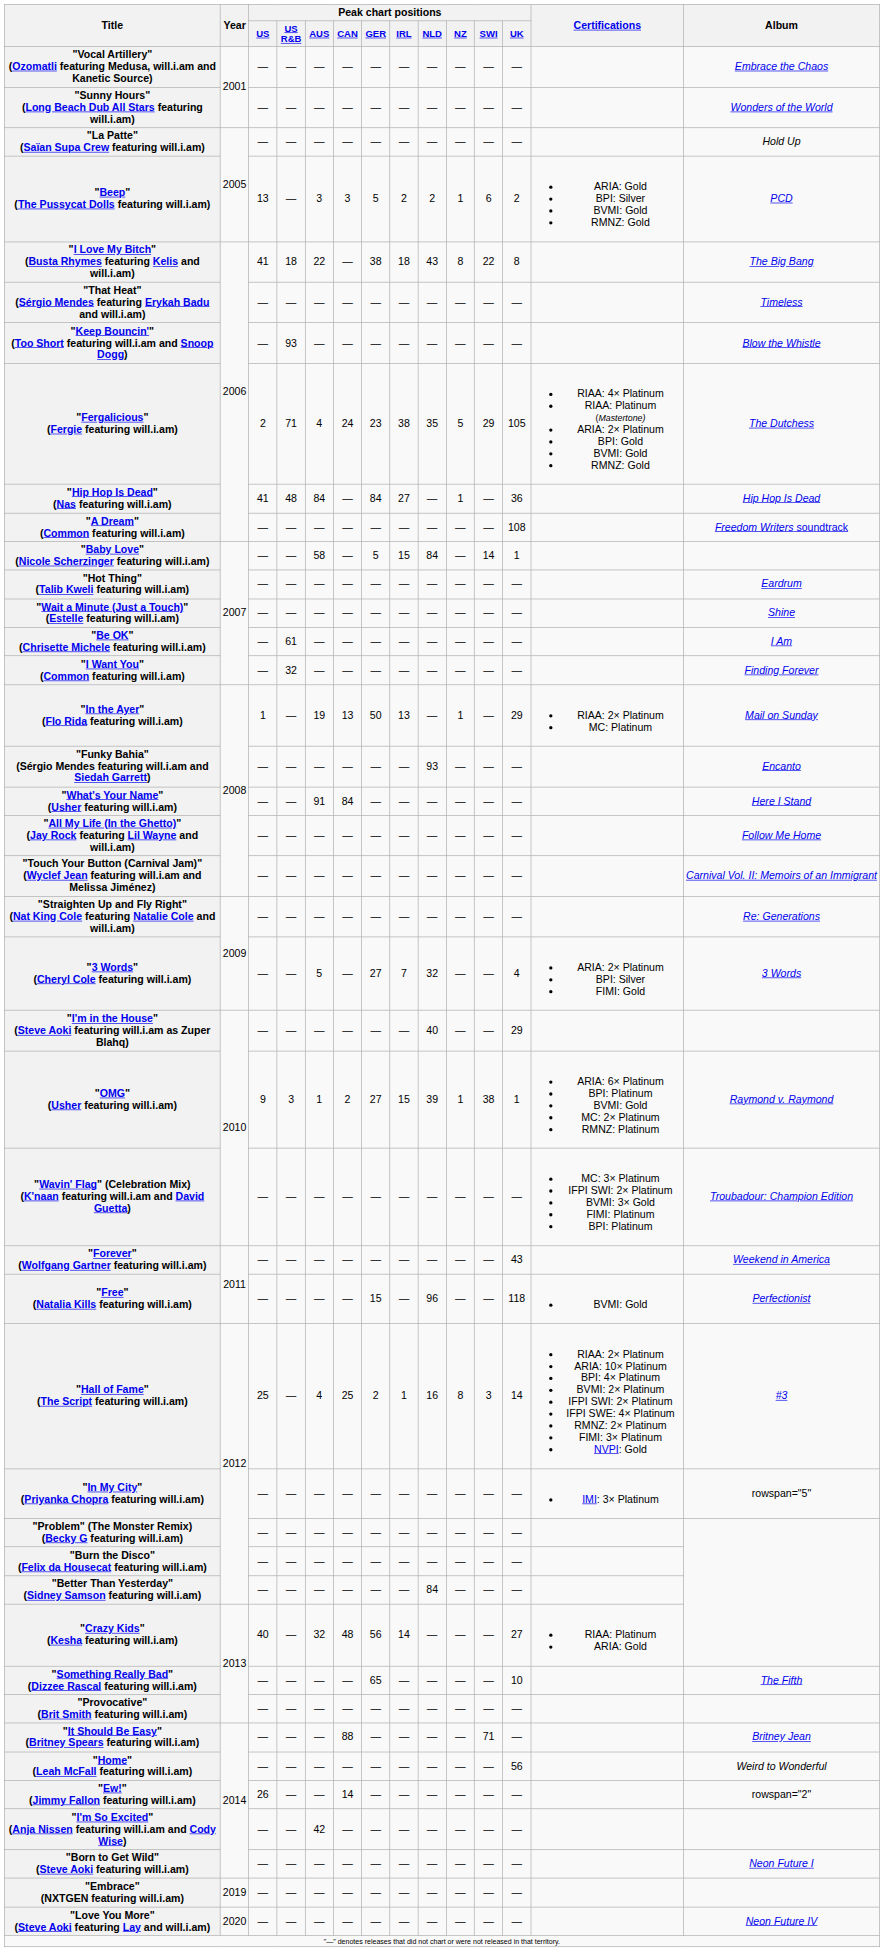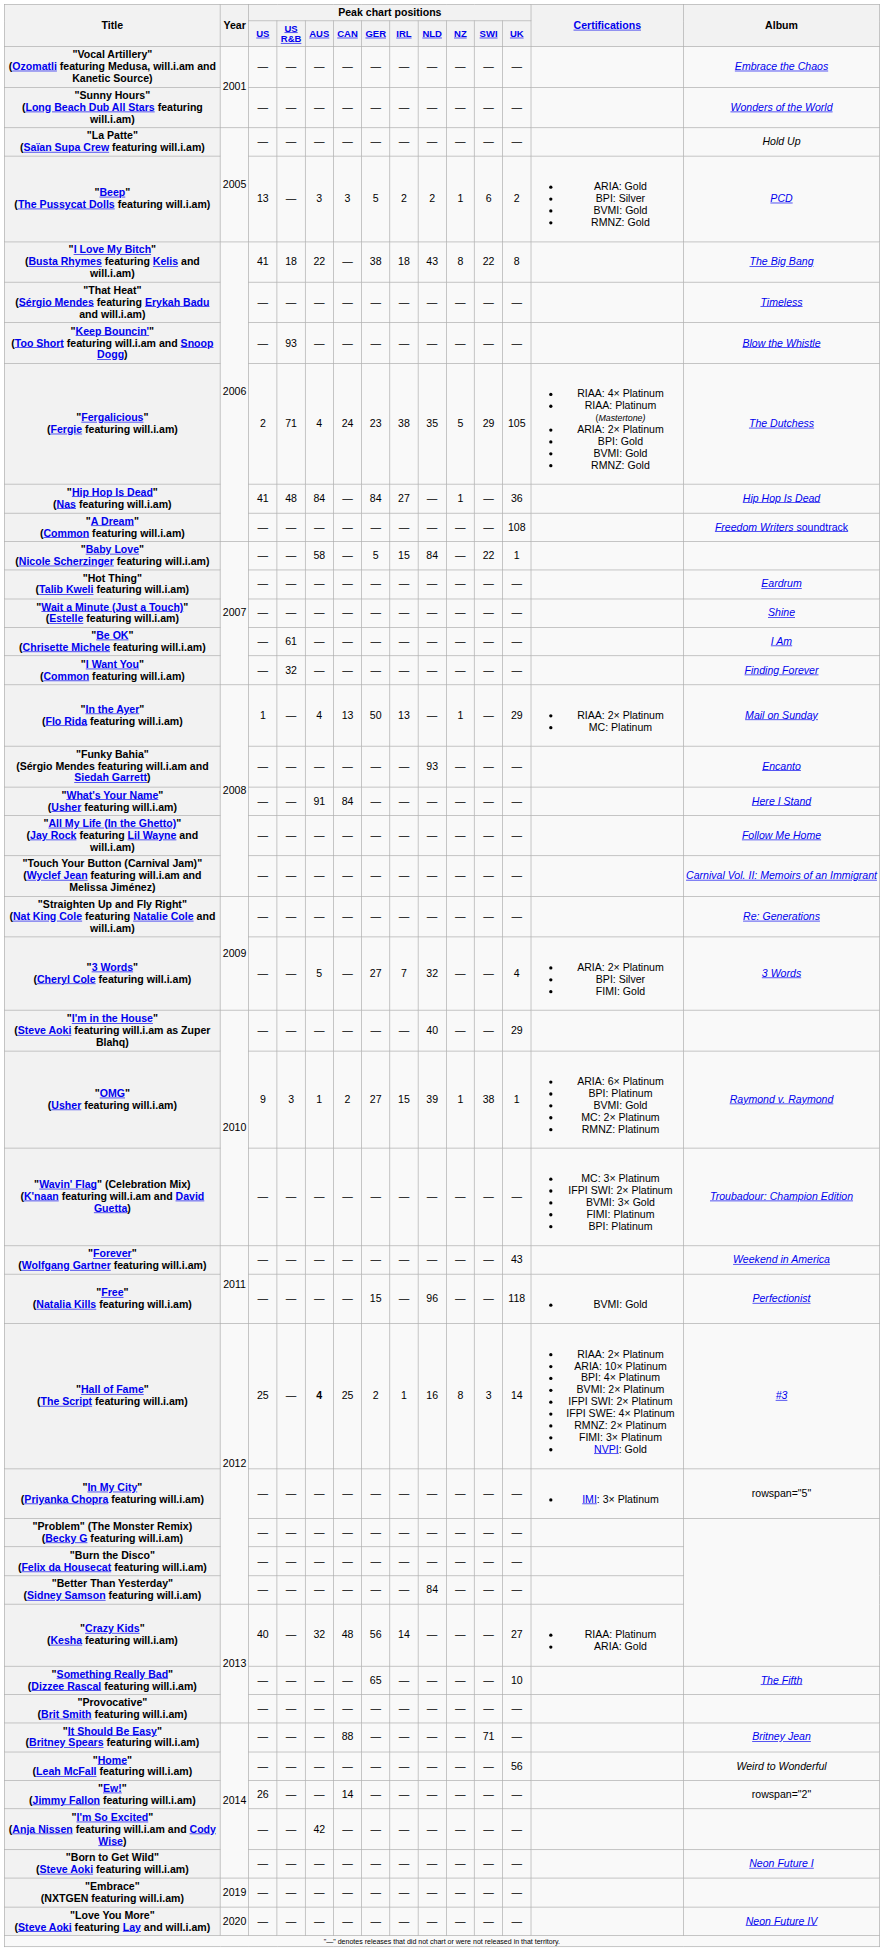 <table class="wikitable plainrowheaders" style="text-align:center;" border="1">
 <tr>
 <th scope="col" rowspan="2" style="width:20em;">Title</th>
 <th scope="col" rowspan="2">Year</th>
 <th scope="col" colspan="10">Peak chart positions</th>
 <th scope="col" rowspan="2" style="width:14em;"><a href='#'>Certifications</a></th>
 <th scope="col" rowspan="2">Album</th>
 </tr>
 <tr>
 <th scope="col" style="width:2.5em;font-size:90%;"><a href='#'>US</a><br></th>
 <th scope="col" style="width:2.5em;font-size:90%;"><a href='#'>US<br>R&B</a><br></th>
 <th scope="col" style="width:2.5em;font-size:90%;"><a href='#'>AUS</a><br></th>
 <th scope="col" style="width:2.5em;font-size:90%;"><a href='#'>CAN</a><br></th>
 <th scope="col" style="width:2.5em;font-size:90%;"><a href='#'>GER</a><br></th>
 <th scope="col" style="width:2.5em;font-size:90%;"><a href='#'>IRL</a><br></th>
 <th scope="col" style="width:2.5em;font-size:90%;"><a href='#'>NLD</a><br></th>
 <th scope="col" style="width:2.5em;font-size:90%;"><a href='#'>NZ</a><br></th>
 <th scope="col" style="width:2.5em;font-size:90%;"><a href='#'>SWI</a><br></th>
 <th scope="col" style="width:2.5em;font-size:90%;"><a href='#'>UK</a><br></th>
 </tr>
 <tr>
 <th scope="row">"Vocal Artillery"<br><span>(<a href='#'>Ozomatli</a> featuring Medusa, will.i.am and Kanetic Source)</span></th>
 <td rowspan="2">2001</td>
 <td>—</td>
 <td>—</td>
 <td>—</td>
 <td>—</td>
 <td>—</td>
 <td>—</td>
 <td>—</td>
 <td>—</td>
 <td>—</td>
 <td>—</td>
 <td></td>
 <td><em><a href='#'>Embrace the Chaos</a></em></td>
 </tr>
 <tr>
 <th scope="row">"Sunny Hours"<br><span>(<a href='#'>Long Beach Dub All Stars</a> featuring will.i.am)</span></th>
 <td>—</td>
 <td>—</td>
 <td>—</td>
 <td>—</td>
 <td>—</td>
 <td>—</td>
 <td>—</td>
 <td>—</td>
 <td>—</td>
 <td>—</td>
 <td></td>
 <td><em><a href='#'>Wonders of the World</a></em></td>
 </tr>
 <tr>
 <th scope="row">"La Patte"<br><span>(<a href='#'>Saïan Supa Crew</a> featuring will.i.am)</span></th>
 <td rowspan="2">2005</td>
 <td>—</td>
 <td>—</td>
 <td>—</td>
 <td>—</td>
 <td>—</td>
 <td>—</td>
 <td>—</td>
 <td>—</td>
 <td>—</td>
 <td>—</td>
 <td></td>
 <td><em>Hold Up</em></td>
 </tr>
 <tr>
 <th scope="row">"<a href='#'>Beep</a>"<br><span>(<a href='#'>The Pussycat Dolls</a> featuring will.i.am)</span></th>
 <td>13</td>
 <td>—</td>
 <td>3</td>
 <td>3</td>
 <td>5</td>
 <td>2</td>
 <td>2</td>
 <td>1</td>
 <td>6</td>
 <td>2</td>
 <td><br><ul><li>ARIA: Gold</li><li>BPI: Silver</li><li>BVMI: Gold</li><li>RMNZ: Gold</li></ul></td>
 <td><em><a href='#'>PCD</a></em></td>
 </tr>
 <tr>
 <th scope="row">"<a href='#'>I Love My Bitch</a>"<br><span>(<a href='#'>Busta Rhymes</a> featuring <a href='#'>Kelis</a> and will.i.am)</span></th>
 <td rowspan="6">2006</td>
 <td>41</td>
 <td>18</td>
 <td>22</td>
 <td>—</td>
 <td>38</td>
 <td>18</td>
 <td>43</td>
 <td>8</td>
 <td>22</td>
 <td>8</td>
 <td></td>
 <td><em><a href='#'>The Big Bang</a></em></td>
 </tr>
 <tr>
 <th scope="row">"That Heat"<br><span>(<a href='#'>Sérgio Mendes</a> featuring <a href='#'>Erykah Badu</a> and will.i.am)</span></th>
 <td>—</td>
 <td>—</td>
 <td>—</td>
 <td>—</td>
 <td>—</td>
 <td>—</td>
 <td>—</td>
 <td>—</td>
 <td>—</td>
 <td>—</td>
 <td></td>
 <td><em><a href='#'>Timeless</a></em></td>
 </tr>
 <tr>
 <th scope="row">"<a href='#'>Keep Bouncin'</a>"<br><span>(<a href='#'>Too Short</a> featuring will.i.am and <a href='#'>Snoop Dogg</a>)</span></th>
 <td>—</td>
 <td>93</td>
 <td>—</td>
 <td>—</td>
 <td>—</td>
 <td>—</td>
 <td>—</td>
 <td>—</td>
 <td>—</td>
 <td>—</td>
 <td></td>
 <td><em><a href='#'>Blow the Whistle</a></em></td>
 </tr>
 <tr>
 <th scope="row">"<a href='#'>Fergalicious</a>"<br><span>(<a href='#'>Fergie</a> featuring will.i.am)</span></th>
 <td>2</td>
 <td>71</td>
 <td>4</td>
 <td>24</td>
 <td>23</td>
 <td>38</td>
 <td>35</td>
 <td>5</td>
 <td>29</td>
 <td>105</td>
 <td><br><ul><li>RIAA: 4× Platinum</li><li>RIAA: Platinum <small>(<em>Mastertone)</em></small></li><li>ARIA: 2× Platinum</li><li>BPI: Gold</li><li>BVMI: Gold</li><li>RMNZ: Gold</li></ul></td>
 <td><em><a href='#'>The Dutchess</a></em></td>
 </tr>
 <tr>
 <th scope="row">"<a href='#'>Hip Hop Is Dead</a>"<br><span>(<a href='#'>Nas</a> featuring will.i.am)</span></th>
 <td>41</td>
 <td>48</td>
 <td>84</td>
 <td>—</td>
 <td>84</td>
 <td>27</td>
 <td>—</td>
 <td>1</td>
 <td>—</td>
 <td>36</td>
 <td></td>
 <td><em><a href='#'>Hip Hop Is Dead</a></em></td>
 </tr>
 <tr>
 <th scope="row">"<a href='#'>A Dream</a>"<br><span>(<a href='#'>Common</a> featuring will.i.am)</span></th>
 <td>—</td>
 <td>—</td>
 <td>—</td>
 <td>—</td>
 <td>—</td>
 <td>—</td>
 <td>—</td>
 <td>—</td>
 <td>—</td>
 <td>108</td>
 <td></td>
 <td><a href='#'><em>Freedom Writers</em> soundtrack</a></td>
 </tr>
 <tr>
 <th scope="row">"<a href='#'>Baby Love</a>"<br><span>(<a href='#'>Nicole Scherzinger</a> featuring will.i.am)</span></th>
 <td rowspan="5">2007</td>
 <td>—</td>
 <td>—</td>
 <td>58</td>
 <td>—</td>
 <td>5</td>
 <td>15</td>
 <td>84</td>
 <td>—</td>
-<td>14</td>
+<td>22</td>
 <td>1</td>
 <td></td>
 <td></td>
 </tr>
 <tr>
 <th scope="row">"Hot Thing"<br><span>(<a href='#'>Talib Kweli</a> featuring will.i.am)</span></th>
 <td>—</td>
 <td>—</td>
 <td>—</td>
 <td>—</td>
 <td>—</td>
 <td>—</td>
 <td>—</td>
 <td>—</td>
 <td>—</td>
 <td>—</td>
 <td></td>
 <td><em><a href='#'>Eardrum</a></em></td>
 </tr>
 <tr>
 <th scope="row">"<a href='#'>Wait a Minute (Just a Touch)</a>"<br><span>(<a href='#'>Estelle</a> featuring will.i.am)</span></th>
 <td>—</td>
 <td>—</td>
 <td>—</td>
 <td>—</td>
 <td>—</td>
 <td>—</td>
 <td>—</td>
 <td>—</td>
 <td>—</td>
 <td>—</td>
 <td></td>
 <td><em><a href='#'>Shine</a></em></td>
 </tr>
 <tr>
 <th scope="row">"<a href='#'>Be OK</a>"<br><span>(<a href='#'>Chrisette Michele</a> featuring will.i.am)</span></th>
 <td>—</td>
 <td>61</td>
 <td>—</td>
 <td>—</td>
 <td>—</td>
 <td>—</td>
 <td>—</td>
 <td>—</td>
 <td>—</td>
 <td>—</td>
 <td></td>
 <td><em><a href='#'>I Am</a></em></td>
 </tr>
 <tr>
 <th scope="row">"<a href='#'>I Want You</a>"<br><span>(<a href='#'>Common</a> featuring will.i.am)</span></th>
 <td>—</td>
 <td>32</td>
 <td>—</td>
 <td>—</td>
 <td>—</td>
 <td>—</td>
 <td>—</td>
 <td>—</td>
 <td>—</td>
 <td>—</td>
 <td></td>
 <td><em><a href='#'>Finding Forever</a></em></td>
 </tr>
 <tr>
 <th scope="row">"<a href='#'>In the Ayer</a>"<br><span>(<a href='#'>Flo Rida</a> featuring will.i.am)</span></th>
 <td rowspan="5">2008</td>
 <td>1</td>
 <td>—</td>
-<td>19</td>
+<td>4</td>
 <td>13</td>
 <td>50</td>
 <td>13</td>
 <td>—</td>
 <td>1</td>
 <td>—</td>
 <td>29</td>
 <td><br><ul><li>RIAA: 2× Platinum</li><li>MC: Platinum</li></ul></td>
 <td><em><a href='#'>Mail on Sunday</a></em></td>
 </tr>
 <tr>
 <th scope="row">"Funky Bahia"<br><span>(Sérgio Mendes featuring will.i.am and <a href='#'>Siedah Garrett</a>)</span></th>
 <td>—</td>
 <td>—</td>
 <td>—</td>
 <td>—</td>
 <td>—</td>
 <td>—</td>
 <td>93</td>
 <td>—</td>
 <td>—</td>
 <td>—</td>
 <td></td>
 <td><em><a href='#'>Encanto</a></em></td>
 </tr>
 <tr>
 <th scope="row">"<a href='#'>What's Your Name</a>"<br><span>(<a href='#'>Usher</a> featuring will.i.am)</span></th>
 <td>—</td>
 <td>—</td>
 <td>91</td>
 <td>84</td>
 <td>—</td>
 <td>—</td>
 <td>—</td>
 <td>—</td>
 <td>—</td>
 <td>—</td>
 <td></td>
 <td><em><a href='#'>Here I Stand</a></em></td>
 </tr>
 <tr>
 <th scope="row">"<a href='#'>All My Life (In the Ghetto)</a>"<br><span>(<a href='#'>Jay Rock</a> featuring <a href='#'>Lil Wayne</a> and will.i.am)</span></th>
 <td>—</td>
 <td>—</td>
 <td>—</td>
 <td>—</td>
 <td>—</td>
 <td>—</td>
 <td>—</td>
 <td>—</td>
 <td>—</td>
 <td>—</td>
 <td></td>
 <td><em><a href='#'>Follow Me Home</a></em></td>
 </tr>
 <tr>
 <th scope="row">"Touch Your Button (Carnival Jam)"<br><span>(<a href='#'>Wyclef Jean</a> featuring will.i.am and Melissa Jiménez)</span></th>
 <td>—</td>
 <td>—</td>
 <td>—</td>
 <td>—</td>
 <td>—</td>
 <td>—</td>
 <td>—</td>
 <td>—</td>
 <td>—</td>
 <td>—</td>
 <td></td>
 <td><em><a href='#'>Carnival Vol. II: Memoirs of an Immigrant</a></em></td>
 </tr>
 <tr>
 <th scope="row">"Straighten Up and Fly Right"<br><span>(<a href='#'>Nat King Cole</a> featuring <a href='#'>Natalie Cole</a> and will.i.am)</span></th>
 <td rowspan="2">2009</td>
 <td>—</td>
 <td>—</td>
 <td>—</td>
 <td>—</td>
 <td>—</td>
 <td>—</td>
 <td>—</td>
 <td>—</td>
 <td>—</td>
 <td>—</td>
 <td></td>
 <td><em><a href='#'>Re: Generations</a></em></td>
 </tr>
 <tr>
 <th scope="row">"<a href='#'>3 Words</a>"<br><span>(<a href='#'>Cheryl Cole</a> featuring will.i.am)</span></th>
 <td>—</td>
 <td>—</td>
 <td>5</td>
 <td>—</td>
 <td>27</td>
 <td>7</td>
 <td>32</td>
 <td>—</td>
 <td>—</td>
 <td>4</td>
 <td><br><ul><li>ARIA: 2× Platinum</li><li>BPI: Silver</li><li>FIMI: Gold</li></ul></td>
 <td><em><a href='#'>3 Words</a></em></td>
 </tr>
 <tr>
 <th scope="row">"<a href='#'>I'm in the House</a>"<br><span>(<a href='#'>Steve Aoki</a> featuring will.i.am as Zuper Blahq)</span></th>
 <td rowspan="3">2010</td>
 <td>—</td>
 <td>—</td>
 <td>—</td>
 <td>—</td>
 <td>—</td>
 <td>—</td>
 <td>40</td>
 <td>—</td>
 <td>—</td>
 <td>29</td>
 <td></td>
 <td></td>
 </tr>
 <tr>
 <th scope="row">"<a href='#'>OMG</a>"<br><span>(<a href='#'>Usher</a> featuring will.i.am)</span></th>
 <td>9</td>
 <td>3</td>
 <td>1</td>
 <td>2</td>
 <td>27</td>
 <td>15</td>
 <td>39</td>
 <td>1</td>
 <td>38</td>
 <td>1</td>
 <td><br><ul><li>ARIA: 6× Platinum</li><li>BPI: Platinum</li><li>BVMI: Gold</li><li>MC: 2× Platinum</li><li>RMNZ: Platinum</li></ul></td>
 <td><em><a href='#'>Raymond v. Raymond</a></em></td>
 </tr>
 <tr>
 <th scope="row">"<a href='#'>Wavin' Flag</a>" (Celebration Mix)<br><span>(<a href='#'>K'naan</a> featuring will.i.am and <a href='#'>David Guetta</a>)</span></th>
 <td>—</td>
 <td>—</td>
 <td>—</td>
 <td>—</td>
 <td>—</td>
 <td>—</td>
 <td>—</td>
 <td>—</td>
 <td>—</td>
 <td>—</td>
 <td><br><ul><li>MC: 3× Platinum</li><li>IFPI SWI: 2× Platinum</li><li>BVMI: 3× Gold</li><li>FIMI: Platinum</li><li>BPI: Platinum</li></ul></td>
 <td><em><a href='#'>Troubadour: Champion Edition</a></em></td>
 </tr>
 <tr>
 <th scope="row">"<a href='#'>Forever</a>"<br><span>(<a href='#'>Wolfgang Gartner</a> featuring will.i.am)</span></th>
 <td rowspan="2">2011</td>
 <td>—</td>
 <td>—</td>
 <td>—</td>
 <td>—</td>
 <td>—</td>
 <td>—</td>
 <td>—</td>
 <td>—</td>
 <td>—</td>
 <td>43</td>
 <td></td>
 <td><em><a href='#'>Weekend in America</a></em></td>
 </tr>
 <tr>
 <th scope="row">"<a href='#'>Free</a>"<br><span>(<a href='#'>Natalia Kills</a> featuring will.i.am)</span></th>
 <td>—</td>
 <td>—</td>
 <td>—</td>
 <td>—</td>
 <td>15</td>
 <td>—</td>
 <td>96</td>
 <td>—</td>
 <td>—</td>
 <td>118</td>
 <td><br><ul><li>BVMI: Gold</li></ul></td>
 <td><em><a href='#'>Perfectionist</a></em></td>
 </tr>
 <tr>
 <th scope="row">"<a href='#'>Hall of Fame</a>"<br><span>(<a href='#'>The Script</a> featuring will.i.am)</span></th>
 <td rowspan="5">2012</td>
 <td>25</td>
 <td>—</td>
-<td>4</td>
+<td><strong>4</strong></td>
 <td>25</td>
 <td>2</td>
 <td>1</td>
 <td>16</td>
 <td>8</td>
 <td>3</td>
 <td>14</td>
 <td><br><ul><li>RIAA: 2× Platinum</li><li>ARIA: 10× Platinum</li><li>BPI: 4× Platinum</li><li>BVMI: 2× Platinum</li><li>IFPI SWI: 2× Platinum</li><li>IFPI SWE: 4× Platinum</li><li>RMNZ: 2× Platinum</li><li>FIMI: 3× Platinum</li><li><a href='#'>NVPI</a>: Gold</li></ul></td>
 <td><em><a href='#'>#3</a></em></td>
 </tr>
 <tr>
 <th scope="row">"<a href='#'>In My City</a>"<br><span>(<a href='#'>Priyanka Chopra</a> featuring will.i.am)</span></th>
 <td>—</td>
 <td>—</td>
 <td>—</td>
 <td>—</td>
 <td>—</td>
 <td>—</td>
 <td>—</td>
 <td>—</td>
 <td>—</td>
 <td>—</td>
 <td><br><ul><li><a href='#'>IMI</a>: 3× Platinum</li></ul></td>
 <td>rowspan="5" </td>
 </tr>
 <tr>
 <th scope="row">"Problem" (The Monster Remix)<br><span>(<a href='#'>Becky G</a> featuring will.i.am)</span></th>
 <td>—</td>
 <td>—</td>
 <td>—</td>
 <td>—</td>
 <td>—</td>
 <td>—</td>
 <td>—</td>
 <td>—</td>
 <td>—</td>
 <td>—</td>
 <td></td>
 </tr>
 <tr>
 <th scope="row">"Burn the Disco"<br><span>(<a href='#'>Felix da Housecat</a> featuring will.i.am)</span></th>
 <td>—</td>
 <td>—</td>
 <td>—</td>
 <td>—</td>
 <td>—</td>
 <td>—</td>
 <td>—</td>
 <td>—</td>
 <td>—</td>
 <td>—</td>
 <td></td>
 </tr>
 <tr>
 <th scope="row">"Better Than Yesterday"<br><span>(<a href='#'>Sidney Samson</a> featuring will.i.am)</span></th>
 <td>—</td>
 <td>—</td>
 <td>—</td>
 <td>—</td>
 <td>—</td>
 <td>—</td>
 <td>84</td>
 <td>—</td>
 <td>—</td>
 <td>—</td>
 <td></td>
 </tr>
 <tr>
 <th scope="row">"<a href='#'>Crazy Kids</a>"<br><span>(<a href='#'>Kesha</a> featuring will.i.am)</span></th>
 <td rowspan="3">2013</td>
 <td>40</td>
 <td>—</td>
 <td>32</td>
 <td>48</td>
 <td>56</td>
 <td>14</td>
 <td>—</td>
 <td>—</td>
 <td>—</td>
 <td>27</td>
 <td><br><ul><li>RIAA: Platinum</li><li>ARIA: Gold</li></ul></td>
 </tr>
 <tr>
 <th scope="row">"<a href='#'>Something Really Bad</a>"<br><span>(<a href='#'>Dizzee Rascal</a> featuring will.i.am)</span></th>
 <td>—</td>
 <td>—</td>
 <td>—</td>
 <td>—</td>
 <td>65</td>
 <td>—</td>
 <td>—</td>
 <td>—</td>
 <td>—</td>
 <td>10</td>
 <td></td>
 <td><em><a href='#'>The Fifth</a></em></td>
 </tr>
 <tr>
 <th scope="row">"Provocative"<br><span>(<a href='#'>Brit Smith</a> featuring will.i.am)</span></th>
 <td>—</td>
 <td>—</td>
 <td>—</td>
 <td>—</td>
 <td>—</td>
 <td>—</td>
 <td>—</td>
 <td>—</td>
 <td>—</td>
 <td>—</td>
 <td></td>
 <td></td>
 </tr>
 <tr>
 <th scope="row">"<a href='#'>It Should Be Easy</a>"<br><span>(<a href='#'>Britney Spears</a> featuring will.i.am)</span></th>
 <td rowspan="5">2014</td>
 <td>—</td>
 <td>—</td>
 <td>—</td>
 <td>88</td>
 <td>—</td>
 <td>—</td>
 <td>—</td>
 <td>—</td>
 <td>71</td>
 <td>—</td>
 <td></td>
 <td><em><a href='#'>Britney Jean</a></em></td>
 </tr>
 <tr>
 <th scope="row">"<a href='#'>Home</a>"<br><span>(<a href='#'>Leah McFall</a> featuring will.i.am)</span></th>
 <td>—</td>
 <td>—</td>
 <td>—</td>
 <td>—</td>
 <td>—</td>
 <td>—</td>
 <td>—</td>
 <td>—</td>
 <td>—</td>
 <td>56</td>
 <td></td>
 <td><em>Weird to Wonderful</em></td>
 </tr>
 <tr>
 <th scope="row">"<a href='#'>Ew!</a>"<br><span>(<a href='#'>Jimmy Fallon</a> featuring will.i.am)</span></th>
 <td>26</td>
 <td>—</td>
 <td>—</td>
 <td>14</td>
 <td>—</td>
 <td>—</td>
 <td>—</td>
 <td>—</td>
 <td>—</td>
 <td>—</td>
 <td></td>
 <td>rowspan="2" </td>
 </tr>
 <tr>
 <th scope="row">"<a href='#'>I'm So Excited</a>"<br><span>(<a href='#'>Anja Nissen</a> featuring will.i.am and <a href='#'>Cody Wise</a>)</span></th>
 <td>—</td>
 <td>—</td>
 <td>42</td>
 <td>—</td>
 <td>—</td>
 <td>—</td>
 <td>—</td>
 <td>—</td>
 <td>—</td>
 <td>—</td>
 <td></td>
 </tr>
 <tr>
 <th scope="row">"Born to Get Wild"<br><span>(<a href='#'>Steve Aoki</a> featuring will.i.am)</span></th>
 <td>—</td>
 <td>—</td>
 <td>—</td>
 <td>—</td>
 <td>—</td>
 <td>—</td>
 <td>—</td>
 <td>—</td>
 <td>—</td>
 <td>—</td>
 <td></td>
 <td><em><a href='#'>Neon Future I</a></em></td>
 </tr>
 <tr>
 <th scope="row">"Embrace"<br><span>(NXTGEN featuring will.i.am)</span></th>
 <td>2019</td>
 <td>—</td>
 <td>—</td>
 <td>—</td>
 <td>—</td>
 <td>—</td>
 <td>—</td>
 <td>—</td>
 <td>—</td>
 <td>—</td>
 <td>—</td>
 <td></td>
 <td></td>
 </tr>
 <tr>
 <th scope="row">"Love You More" <br><span> (<a href='#'>Steve Aoki</a> featuring <a href='#'>Lay</a> and will.i.am)</span></th>
 <td>2020</td>
 <td>—</td>
 <td>—</td>
 <td>—</td>
 <td>—</td>
 <td>—</td>
 <td>—</td>
 <td>—</td>
 <td>—</td>
 <td>—</td>
 <td>—</td>
 <td></td>
 <td><em><a href='#'>Neon Future IV</a></em></td>
 </tr>
 <tr>
 <td align="center" colspan="15" style="font-size:8pt">"—" denotes releases that did not chart or were not released in that territory.</td>
 </tr>
 </table>
